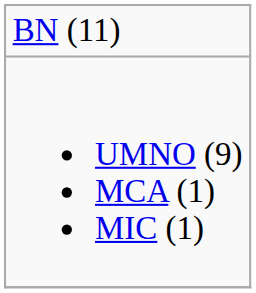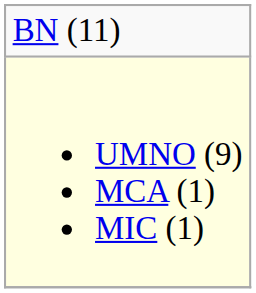 <table class="wikitable">
 <tr>
 <td> <a href='#'>BN</a> (11)</td>
 </tr>
 <tr>
-<td><br><ul><li> <a href='#'>UMNO</a> (9)</li><li> <a href='#'>MCA</a> (1)</li><li> <a href='#'>MIC</a> (1)</li></ul></td>
+<td style="background: lightyellow;"><br><ul><li> <a href='#'>UMNO</a> (9)</li><li> <a href='#'>MCA</a> (1)</li><li> <a href='#'>MIC</a> (1)</li></ul></td>
 </tr>
 <tr>
 </tr>
 </table>
